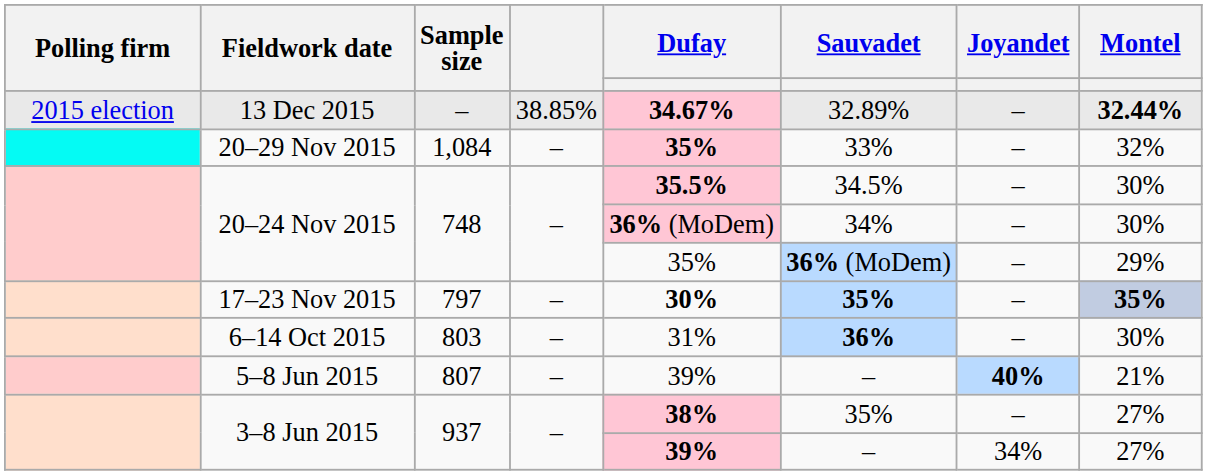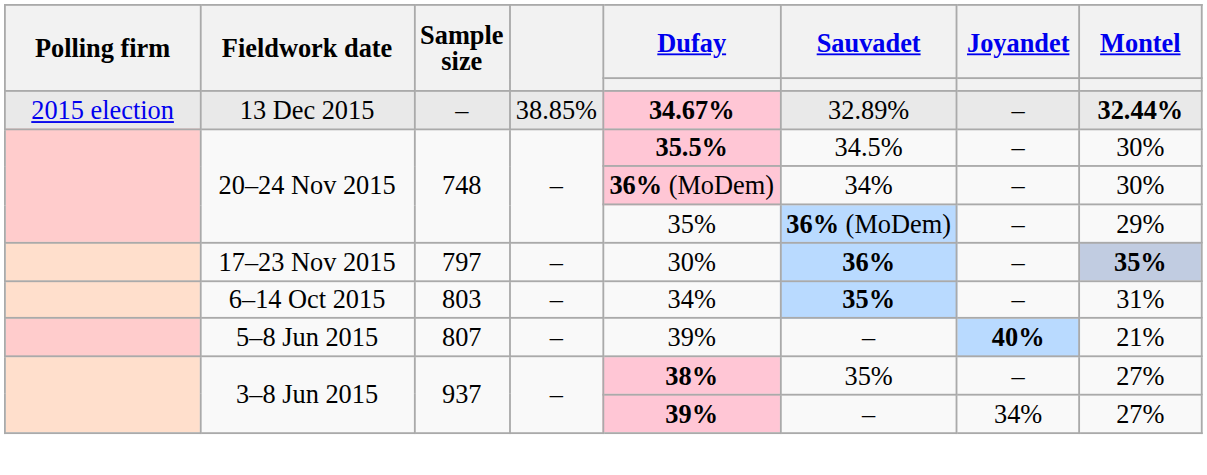 <table class="wikitable sortable" style="text-align:center;font-size:90%;line-height:14px;">
 <tr style="height:40px;">
 <th style="width:100px;" rowspan="2">Polling firm</th>
 <th style="width:110px;" rowspan="2">Fieldwork date</th>
 <th style="width:35px;" rowspan="2">Sample<br>size</th>
 <th style="width:30px;" rowspan="2"></th>
 <th class="unsortable" style="width:60px;"><a href='#'>Dufay</a><br></th>
 <th class="unsortable" style="width:60px;"><a href='#'>Sauvadet</a><br></th>
 <th class="unsortable" style="width:60px;"><a href='#'>Joyandet</a><br></th>
 <th class="unsortable" style="width:60px;"><a href='#'>Montel</a><br></th>
 </tr>
 <tr>
 <th style="background:"></th>
 <th style="background:"></th>
 <th style="background:"></th>
 <th style="background:"></th>
 </tr>
 <tr style="background:#E9E9E9;">
 <td><a href='#'>2015 election</a></td>
 <td data-sort-value="2015-12-13">13 Dec 2015</td>
 <td>–</td>
 <td>38.85%</td>
 <td style="background:#FFC6D5;"><strong>34.67%</strong></td>
 <td>32.89%</td>
 <td>–</td>
 <td><strong>32.44%</strong></td>
 </tr>
 <tr>
-<td style="background:#04FBF4;"></td>
-<td data-sort-value="2015-11-29">20–29 Nov 2015</td>
-<td>1,084</td>
-<td>–</td>
-<td style="background:#FFC6D5;"><strong>35%</strong></td>
-<td>33%</td>
-<td>–</td>
-<td>32%</td>
-</tr>
-<tr>
 <td rowspan="3" style="background:#FFCCCC;"></td>
 <td rowspan="3" data-sort-value="2015-11-24">20–24 Nov 2015</td>
 <td rowspan="3">748</td>
 <td rowspan="3">–</td>
 <td style="background:#FFC6D5;"><strong>35.5%</strong></td>
 <td>34.5%</td>
 <td>–</td>
 <td>30%</td>
 </tr>
 <tr>
 <td style="background:#FFC6D5;"><strong>36%</strong> (MoDem)</td>
 <td>34%</td>
 <td>–</td>
 <td>30%</td>
 </tr>
 <tr>
 <td>35%</td>
 <td style="background:#B9DAFF;"><strong>36%</strong> (MoDem)</td>
 <td>–</td>
 <td>29%</td>
 </tr>
 <tr>
 <td style="background:#FFDFCC;"></td>
 <td data-sort-value="2015-11-23">17–23 Nov 2015</td>
 <td>797</td>
 <td>–</td>
-<td><strong>30%</strong></td>
-<td style="background:#B9DAFF;"><strong>35%</strong></td>
+<td>30%</td>
+<td style="background:#B9DAFF;"><strong>36%</strong></td>
 <td>–</td>
 <td style="background:#C1CCE1;"><strong>35%</strong></td>
 </tr>
 <tr>
 <td style="background:#FFDFCC;"></td>
 <td data-sort-value="2015-10-14">6–14 Oct 2015</td>
 <td>803</td>
 <td>–</td>
+<td>34%</td>
+<td style="background:#B9DAFF;"><strong>35%</strong></td>
+<td>–</td>
 <td>31%</td>
-<td style="background:#B9DAFF;"><strong>36%</strong></td>
-<td>–</td>
-<td>30%</td>
 </tr>
 <tr>
 <td style="background:#FFCCCC;"></td>
 <td data-sort-value="2015-06-08">5–8 Jun 2015</td>
 <td>807</td>
 <td>–</td>
 <td>39%</td>
 <td>–</td>
 <td style="background:#B9DAFF;"><strong>40%</strong></td>
 <td>21%</td>
 </tr>
 <tr>
 <td rowspan="2" style="background:#FFDFCC;"></td>
 <td rowspan="2" data-sort-value="2015-06-08">3–8 Jun 2015</td>
 <td rowspan="2">937</td>
 <td rowspan="2">–</td>
 <td style="background:#FFC6D5;"><strong>38%</strong></td>
 <td>35%</td>
 <td>–</td>
 <td>27%</td>
 </tr>
 <tr>
 <td style="background:#FFC6D5;"><strong>39%</strong></td>
 <td>–</td>
 <td>34%</td>
 <td>27%</td>
 </tr>
 </table>
